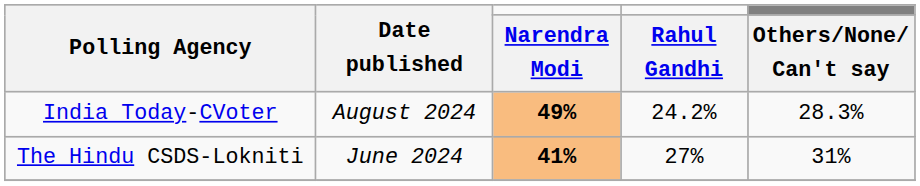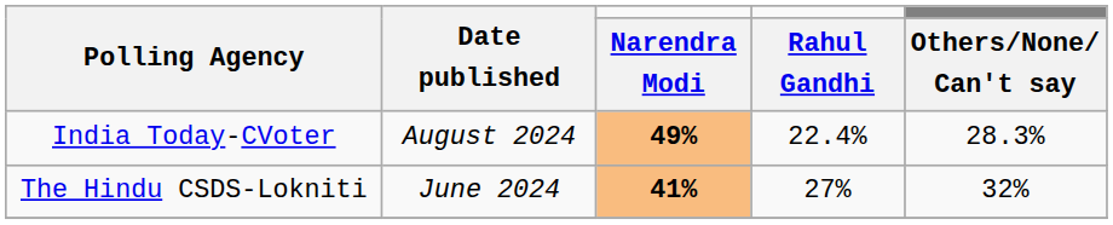 <table class="wikitable sortable" style="text-align:center;font-size:100%;line-height:20px;">
 <tr>
 <th rowspan="2" class="wikitable" style="width:180px;">Polling Agency</th>
 <th rowspan="2" class="wikitable" style="width:100px;">Date published</th>
 <td></td>
 <td></td>
 <td style="background:grey;"></td>
 </tr>
 <tr>
 <th class="wikitable" style="width:70px;"><a href='#'>Narendra Modi</a></th>
 <th class="wikitable" style="width:70px;"><a href='#'>Rahul Gandhi</a></th>
 <th class="wikitable" style="width:70px;">Others/None/<br>Can't say</th>
 </tr>
 <tr>
 <td><a href='#'>India Today</a>-<a href='#'>CVoter</a></td>
 <td><em>August 2024</em></td>
 <td style="background:#F9BC7F"><strong>49%</strong></td>
-<td>24.2%</td>
+<td>22.4%</td>
 <td>28.3%</td>
 </tr>
 <tr>
 <td><a href='#'>The Hindu</a> CSDS-Lokniti</td>
 <td><em>June 2024</em></td>
 <td style="background:#F9BC7F"><strong>41%</strong></td>
 <td>27%</td>
-<td>31%</td>
+<td>32%</td>
 </tr>
 <tr>
 </tr>
 </table>
